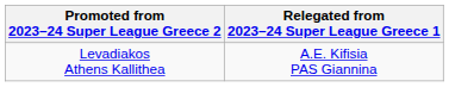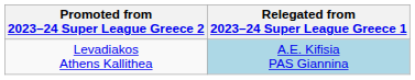 <table class="wikitable">
 <tr>
 <th>Promoted from<br><a href='#'>2023–24 Super League Greece 2</a></th>
 <th>Relegated from<br><a href='#'>2023–24 Super League Greece 1</a></th>
 </tr>
 <tr>
 <td align=center><a href='#'>Levadiakos</a><br><a href='#'>Athens Kallithea</a></td>
-<td align=center><a href='#'>A.E. Kifisia</a><br><a href='#'>PAS Giannina</a></td>
+<td align=center style="background: lightblue;"><a href='#'>A.E. Kifisia</a><br><a href='#'>PAS Giannina</a></td>
 </tr>
 </table>
